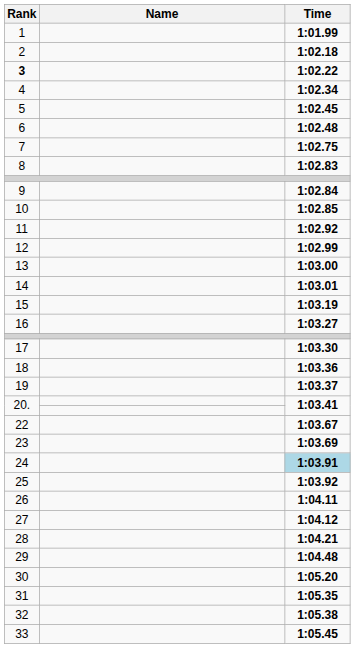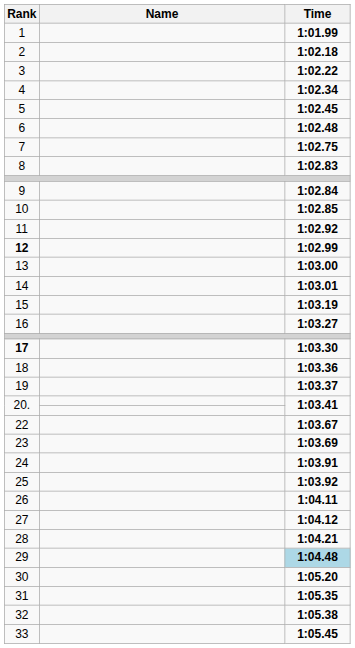 <table class="wikitable">
 <tr>
 <th>Rank</th>
 <th align="center" style="width: 20em">Name</th>
 <th align="center" style="width: 5em">Time</th>
 </tr>
 <tr>
 <td align="center">1</td>
 <td></td>
 <td align="center"><strong>1:01.99</strong></td>
 </tr>
 <tr>
 <td align="center">2</td>
 <td></td>
 <td align="center"><strong>1:02.18</strong></td>
 </tr>
 <tr>
-<td align="center"><strong>3</strong></td>
+<td align="center">3</td>
 <td></td>
 <td align="center"><strong>1:02.22</strong></td>
 </tr>
 <tr>
 <td align="center">4</td>
 <td></td>
 <td align="center"><strong>1:02.34</strong></td>
 </tr>
 <tr>
 <td align="center">5</td>
 <td></td>
 <td align="center"><strong>1:02.45</strong></td>
 </tr>
 <tr>
 <td align="center">6</td>
 <td></td>
 <td align="center"><strong>1:02.48</strong></td>
 </tr>
 <tr>
 <td align="center">7</td>
 <td></td>
 <td align="center"><strong>1:02.75</strong></td>
 </tr>
 <tr>
 <td align="center">8</td>
 <td></td>
 <td align="center"><strong>1:02.83</strong></td>
 </tr>
 <tr>
 <td colspan=3 bgcolor=lightgray></td>
 </tr>
 <tr>
 <td align="center">9</td>
 <td></td>
 <td align="center"><strong>1:02.84</strong></td>
 </tr>
 <tr>
 <td align="center">10</td>
 <td></td>
 <td align="center"><strong>1:02.85</strong></td>
 </tr>
 <tr>
 <td align="center">11</td>
 <td></td>
 <td align="center"><strong>1:02.92</strong></td>
 </tr>
 <tr>
-<td align="center">12</td>
+<td align="center"><strong>12</strong></td>
 <td></td>
 <td align="center"><strong>1:02.99</strong></td>
 </tr>
 <tr>
 <td align="center">13</td>
 <td></td>
 <td align="center"><strong>1:03.00</strong></td>
 </tr>
 <tr>
 <td align="center">14</td>
 <td></td>
 <td align="center"><strong>1:03.01</strong></td>
 </tr>
 <tr>
 <td align="center">15</td>
 <td></td>
 <td align="center"><strong>1:03.19</strong></td>
 </tr>
 <tr>
 <td align="center">16</td>
 <td></td>
 <td align="center"><strong>1:03.27</strong></td>
 </tr>
 <tr>
 <td colspan=3 bgcolor=lightgray></td>
 </tr>
 <tr>
-<td align="center">17</td>
+<td align="center"><strong>17</strong></td>
 <td></td>
 <td align="center"><strong>1:03.30</strong></td>
 </tr>
 <tr>
 <td align="center">18</td>
 <td></td>
 <td align="center"><strong>1:03.36</strong></td>
 </tr>
 <tr>
 <td align="center">19</td>
 <td></td>
 <td align="center"><strong>1:03.37</strong></td>
 </tr>
 <tr>
 <td rowspan=2 align="center">20.</td>
 <td></td>
 <td rowspan=2 align="center"><strong>1:03.41</strong></td>
 </tr>
 <tr>
 <td></td>
 </tr>
 <tr>
 <td align="center">22</td>
 <td></td>
 <td align="center"><strong>1:03.67</strong></td>
 </tr>
 <tr>
 <td align="center">23</td>
 <td></td>
 <td align="center"><strong>1:03.69</strong></td>
 </tr>
 <tr>
 <td align="center">24</td>
 <td></td>
-<td align="center" style="background: lightblue;"><strong>1:03.91</strong></td>
+<td align="center"><strong>1:03.91</strong></td>
 </tr>
 <tr>
 <td align="center">25</td>
 <td></td>
 <td align="center"><strong>1:03.92</strong></td>
 </tr>
 <tr>
 <td align="center">26</td>
 <td></td>
 <td align="center"><strong>1:04.11</strong></td>
 </tr>
 <tr>
 <td align="center">27</td>
 <td></td>
 <td align="center"><strong>1:04.12</strong></td>
 </tr>
 <tr>
 <td align="center">28</td>
 <td></td>
 <td align="center"><strong>1:04.21</strong></td>
 </tr>
 <tr>
 <td align="center">29</td>
 <td></td>
-<td align="center"><strong>1:04.48</strong></td>
+<td align="center" style="background: lightblue;"><strong>1:04.48</strong></td>
 </tr>
 <tr>
 <td align="center">30</td>
 <td></td>
 <td align="center"><strong>1:05.20</strong></td>
 </tr>
 <tr>
 <td align="center">31</td>
 <td></td>
 <td align="center"><strong>1:05.35</strong></td>
 </tr>
 <tr>
 <td align="center">32</td>
 <td></td>
 <td align="center"><strong>1:05.38</strong></td>
 </tr>
 <tr>
 <td align="center">33</td>
 <td></td>
 <td align="center"><strong>1:05.45</strong></td>
 </tr>
 </table>
